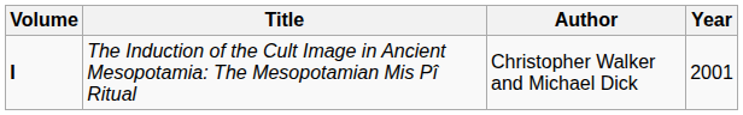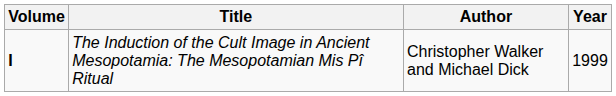 <table class="wikitable">
 <tr>
 <th>Volume</th>
 <th>Title</th>
 <th>Author</th>
 <th>Year</th>
 </tr>
 <tr>
 <td><strong>I</strong></td>
 <td><em>The Induction of the Cult Image in Ancient Mesopotamia: The Mesopotamian Mis Pî Ritual</em></td>
 <td>Christopher Walker and Michael Dick</td>
-<td>2001</td>
+<td>1999</td>
 </tr>
 <tr>
 </tr>
 </table>
